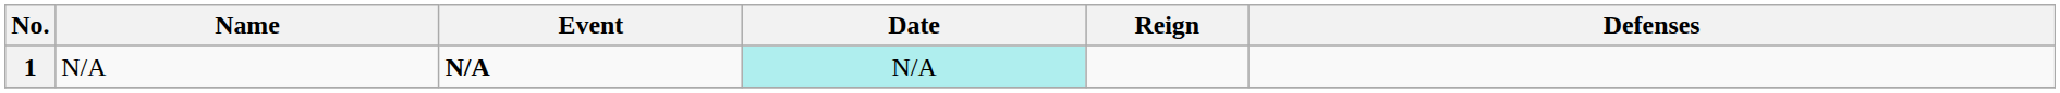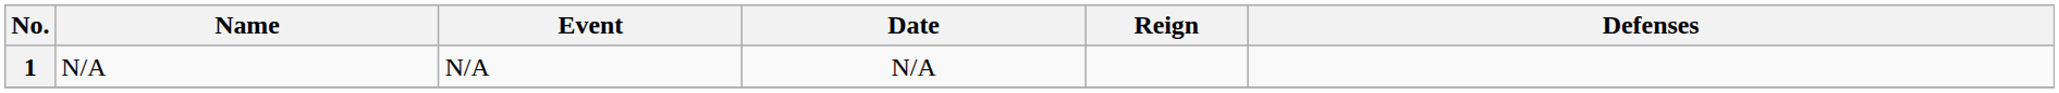 <table class="wikitable" width=100%>
 <tr>
 <th width=1%>No.</th>
 <th width=19%>Name</th>
 <th width=15%>Event</th>
 <th width=17%>Date</th>
 <th width=8%>Reign</th>
 <th width=40%>Defenses</th>
 </tr>
 <tr>
 <th>1</th>
 <td>N/A</td>
-<td><strong>N/A</strong></td>
-<td align=center style="background: paleturquoise;">N/A</td>
+<td>N/A</td>
+<td align=center>N/A</td>
 <td></td>
 <td></td>
 </tr>
 <tr>
 </tr>
 </table>
